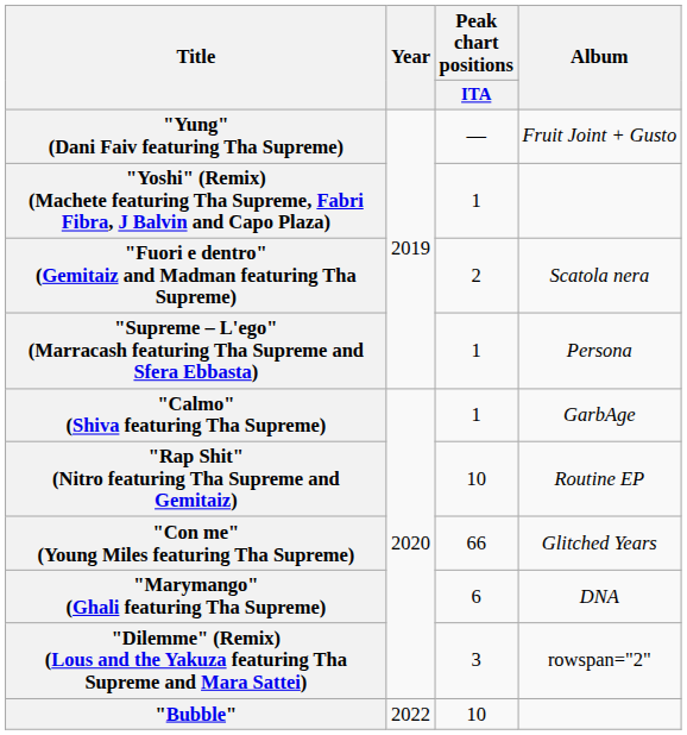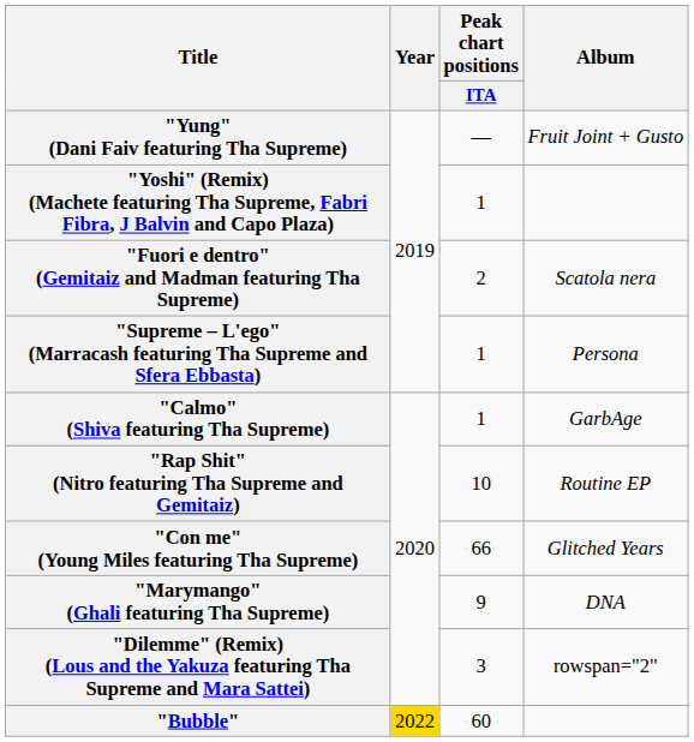 <table class="wikitable plainrowheaders" style="text-align:center;">
 <tr>
 <th scope="col" rowspan="2" style="width:19em;">Title</th>
 <th scope="col" rowspan="2" style="width:1em;">Year</th>
 <th scope="col" colspan="1">Peak chart positions</th>
 <th scope="col" rowspan="2">Album</th>
 </tr>
 <tr>
 <th scope="col" style="width:2.5em;font-size:90%;"><a href='#'>ITA</a><br></th>
 </tr>
 <tr>
 <th scope="row">"Yung"<br><span>(Dani Faiv featuring Tha Supreme)</span></th>
 <td rowspan="4">2019</td>
 <td>—</td>
 <td><em>Fruit Joint + Gusto</em></td>
 </tr>
 <tr>
 <th scope="row">"Yoshi" (Remix)<br><span>(Machete featuring Tha Supreme, <a href='#'>Fabri Fibra</a>, <a href='#'>J Balvin</a> and Capo Plaza)</span></th>
 <td>1</td>
 <td></td>
 </tr>
 <tr>
 <th scope="row">"Fuori e dentro"<br><span>(<a href='#'>Gemitaiz</a> and Madman featuring Tha Supreme)</span></th>
 <td>2</td>
 <td><em>Scatola nera</em></td>
 </tr>
 <tr>
 <th scope="row">"Supreme – L'ego"<br><span>(Marracash featuring Tha Supreme and <a href='#'>Sfera Ebbasta</a>)</span></th>
 <td>1</td>
 <td><em>Persona</em></td>
 </tr>
 <tr>
 <th scope="row">"Calmo"<br><span>(<a href='#'>Shiva</a> featuring Tha Supreme)</span></th>
 <td rowspan="5">2020</td>
 <td>1</td>
 <td><em>GarbAge</em></td>
 </tr>
 <tr>
 <th scope="row">"Rap Shit"<br><span>(Nitro featuring Tha Supreme and <a href='#'>Gemitaiz</a>)</span></th>
 <td>10</td>
 <td><em>Routine EP</em></td>
 </tr>
 <tr>
 <th scope="row">"Con me"<br><span>(Young Miles featuring Tha Supreme)</span></th>
 <td>66</td>
 <td><em>Glitched Years</em></td>
 </tr>
 <tr>
 <th scope="row">"Marymango"<br><span>(<a href='#'>Ghali</a> featuring Tha Supreme)</span></th>
-<td>6</td>
+<td>9</td>
 <td><em>DNA</em></td>
 </tr>
 <tr>
 <th scope="row">"Dilemme" (Remix)<br><span>(<a href='#'>Lous and the Yakuza</a> featuring Tha Supreme and <a href='#'>Mara Sattei</a>)</span></th>
 <td>3</td>
 <td>rowspan="2" </td>
 </tr>
 <tr>
 <th scope="row">"<a href='#'>Bubble</a>"<br></th>
-<td>2022</td>
-<td>10</td>
+<td style="background: gold;">2022</td>
+<td>60</td>
 </tr>
 </table>
